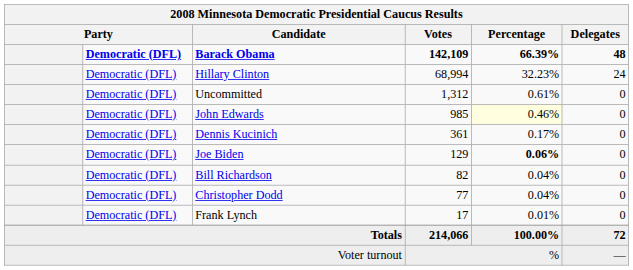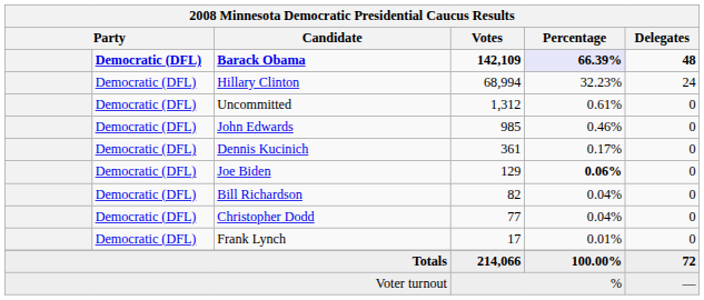 <table class="wikitable" style="font-size:95%;">
 <tr>
 <th colspan="7">2008 Minnesota Democratic Presidential Caucus Results</th>
 </tr>
 <tr>
 <th colspan="2" style="width: 15em">Party</th>
 <th style="width: 17em">Candidate</th>
 <th style="width: 5em">Votes</th>
 <th style="width: 7em">Percentage</th>
 <th style="width: 5em">Delegates</th>
 </tr>
 <tr>
 <th style="background-color:"></th>
 <td style="width: 130px"><strong><a href='#'>Democratic (DFL)</a></strong></td>
 <td><strong><a href='#'>Barack Obama</a></strong></td>
 <td align="right"><strong>142,109</strong></td>
-<td align="right"><strong>66.39%</strong></td>
+<td align="right" style="background: lavender;"><strong>66.39%</strong></td>
 <td align="right"><strong>48</strong></td>
 </tr>
 <tr>
 <th style="background-color:"></th>
 <td style="width: 130px"><a href='#'>Democratic (DFL)</a></td>
 <td><a href='#'>Hillary Clinton</a></td>
 <td align="right">68,994</td>
 <td align="right">32.23%</td>
 <td align="right">24</td>
 </tr>
 <tr>
 <th style="background-color:"></th>
 <td style="width: 130px"><a href='#'>Democratic (DFL)</a></td>
 <td>Uncommitted</td>
 <td align="right">1,312</td>
 <td align="right">0.61%</td>
 <td align="right">0</td>
 </tr>
 <tr>
 <th style="background-color:"></th>
 <td style="width: 130px"><a href='#'>Democratic (DFL)</a></td>
 <td><a href='#'>John Edwards</a></td>
 <td align="right">985</td>
-<td align="right" style="background: lightyellow;">0.46%</td>
+<td align="right">0.46%</td>
 <td align="right">0</td>
 </tr>
 <tr>
 <th style="background-color:"></th>
 <td style="width: 130px"><a href='#'>Democratic (DFL)</a></td>
 <td><a href='#'>Dennis Kucinich</a></td>
 <td align="right">361</td>
 <td align="right">0.17%</td>
 <td align="right">0</td>
 </tr>
 <tr>
 <th style="background-color:"></th>
 <td style="width: 130px"><a href='#'>Democratic (DFL)</a></td>
 <td><a href='#'>Joe Biden</a></td>
 <td align="right">129</td>
 <td align="right"><strong>0.06%</strong></td>
 <td align="right">0</td>
 </tr>
 <tr>
 <th style="background-color:"></th>
 <td style="width: 130px"><a href='#'>Democratic (DFL)</a></td>
 <td><a href='#'>Bill Richardson</a></td>
 <td align="right">82</td>
 <td align="right">0.04%</td>
 <td align="right">0</td>
 </tr>
 <tr>
 <th style="background-color:"></th>
 <td style="width: 130px"><a href='#'>Democratic (DFL)</a></td>
 <td><a href='#'>Christopher Dodd</a></td>
 <td align="right">77</td>
 <td align="right">0.04%</td>
 <td align="right">0</td>
 </tr>
 <tr>
 <th style="background-color:"></th>
 <td style="width: 130px"><a href='#'>Democratic (DFL)</a></td>
 <td>Frank Lynch</td>
 <td align="right">17</td>
 <td align="right">0.01%</td>
 <td align="right">0</td>
 </tr>
 <tr>
 </tr>
 <tr bgcolor="#EEEEEE">
 <td colspan="3" align="right"><strong>Totals</strong></td>
 <td align="right"><strong>214,066</strong></td>
 <td align="right"><strong>100.00%</strong></td>
 <td align="right"><strong>72</strong></td>
 </tr>
 <tr bgcolor="#EEEEEE">
 <td colspan="3" align="right">Voter turnout</td>
 <td colspan="2" align="right">%</td>
 <td align="right">—</td>
 </tr>
 </table>
